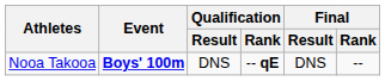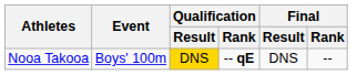 <table class="wikitable" border="1" style="font-size:90%">
 <tr>
 <th rowspan=2>Athletes</th>
 <th rowspan=2>Event</th>
 <th colspan=2>Qualification</th>
 <th colspan=2>Final</th>
 </tr>
 <tr>
 <th>Result</th>
 <th>Rank</th>
 <th>Result</th>
 <th>Rank</th>
 </tr>
 <tr>
 <td><a href='#'>Nooa Takooa</a></td>
-<td><strong><a href='#'>Boys' 100m</a></strong></td>
-<td align=center>DNS</td>
+<td><a href='#'>Boys' 100m</a></td>
+<td align=center style="background: gold;">DNS</td>
 <td align=center>-- <strong>qE</strong></td>
 <td align=center>DNS</td>
 <td align=center>--</td>
 </tr>
 </table>
